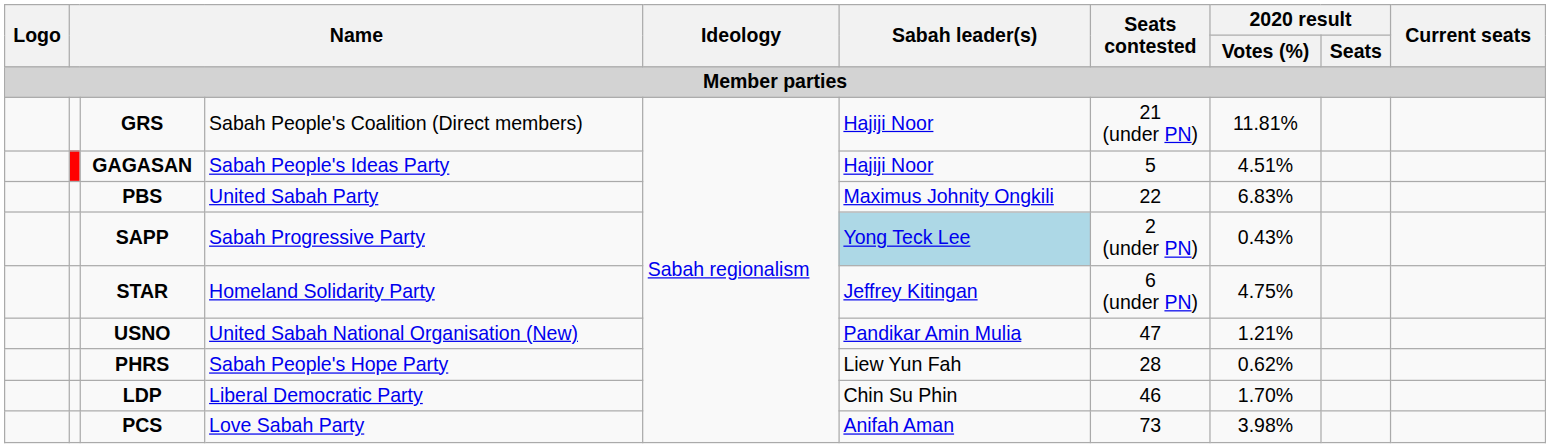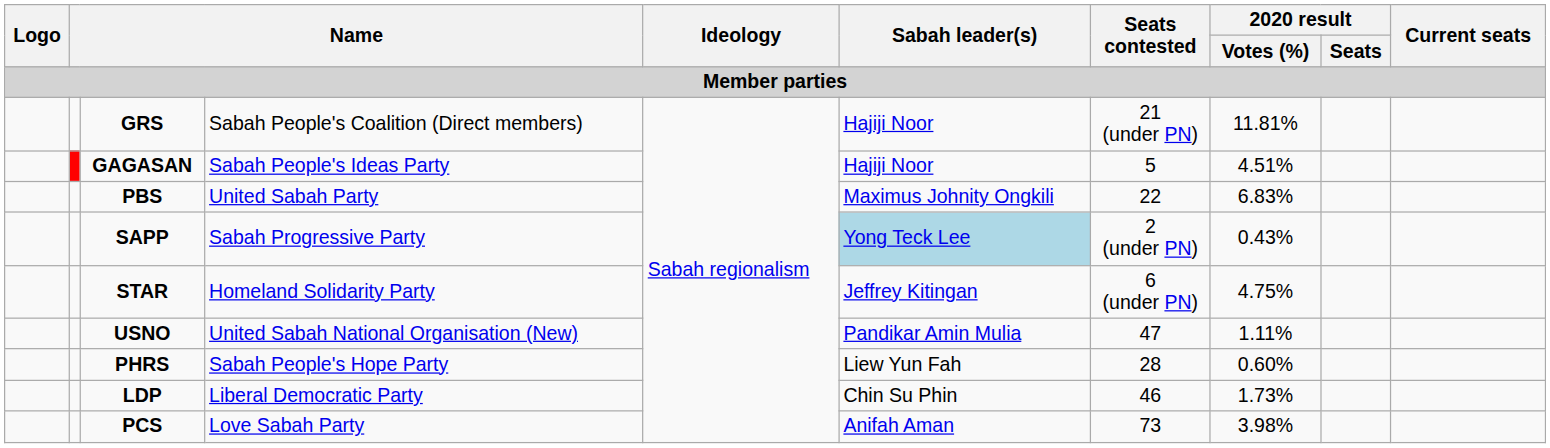 <table class="wikitable" style="width:100%;">
 <tr>
 <th rowspan="2">Logo</th>
 <th colspan="3" rowspan="2">Name</th>
 <th rowspan="2">Ideology</th>
 <th rowspan="2">Sabah leader(s)</th>
 <th rowspan="2">Seats<br>contested</th>
 <th colspan="2">2020 result</th>
 <th rowspan="2">Current seats</th>
 </tr>
 <tr>
 <th>Votes (%)</th>
 <th>Seats</th>
 </tr>
 <tr>
 <td colspan="10" style="text-align:center; background:lightgrey;"><strong>Member parties</strong></td>
 </tr>
 <tr>
 <td></td>
 <td style="background:"></td>
 <td style="text-align:center;"><strong>GRS</strong></td>
 <td>Sabah People's Coalition (Direct members)<br></td>
 <td rowspan="9"><a href='#'>Sabah regionalism</a></td>
 <td><a href='#'>Hajiji Noor</a></td>
 <td style="text-align:center;">21<br>(under <a href='#'>PN</a>)</td>
 <td style="text-align:center;">11.81%</td>
 <td></td>
 <td></td>
 </tr>
 <tr>
 <td></td>
 <td style="background:red;"></td>
 <td style="text-align:center;"><strong>GAGASAN</strong></td>
 <td><a href='#'>Sabah People's Ideas Party</a><br></td>
 <td><a href='#'>Hajiji Noor</a></td>
 <td style="text-align:center;">5</td>
 <td style="text-align:center;">4.51%</td>
 <td></td>
 <td></td>
 </tr>
 <tr>
 <td></td>
 <td style="background:"></td>
 <td style="text-align:center;"><strong>PBS</strong></td>
 <td><a href='#'>United Sabah Party</a><br></td>
 <td><a href='#'>Maximus Johnity Ongkili</a></td>
 <td style="text-align:center;">22</td>
 <td style="text-align:center;">6.83%</td>
 <td></td>
 <td></td>
 </tr>
 <tr>
 <td></td>
 <td style="background:"></td>
 <td style="text-align:center;"><strong>SAPP</strong></td>
 <td><a href='#'>Sabah Progressive Party</a><br></td>
 <td style="background: lightblue;"><a href='#'>Yong Teck Lee</a></td>
 <td style="text-align:center;">2<br>(under <a href='#'>PN</a>)</td>
 <td style="text-align:center;">0.43%</td>
 <td></td>
 <td></td>
 </tr>
 <tr>
 <td></td>
 <td style="background:"></td>
 <td style="text-align:center;"><strong>STAR</strong></td>
 <td><a href='#'>Homeland Solidarity Party</a><br></td>
 <td><a href='#'>Jeffrey Kitingan</a></td>
 <td style="text-align:center;">6<br>(under <a href='#'>PN</a>)</td>
 <td style="text-align:center;">4.75%</td>
 <td></td>
 <td></td>
 </tr>
 <tr>
 <td></td>
 <td style="background: "></td>
 <td style="text-align:center;"><strong>USNO</strong></td>
 <td><a href='#'>United Sabah National Organisation (New)</a><br></td>
 <td><a href='#'>Pandikar Amin Mulia</a></td>
 <td style="text-align:center;">47</td>
-<td style="text-align:center;">1.21%</td>
+<td style="text-align:center;">1.11%</td>
 <td></td>
 <td></td>
 </tr>
 <tr>
 <td></td>
 <td style="background: "></td>
 <td style="text-align:center;"><strong>PHRS</strong></td>
 <td><a href='#'>Sabah People's Hope Party</a><br></td>
 <td>Liew Yun Fah</td>
 <td style="text-align:center;">28</td>
-<td style="text-align:center;">0.62%</td>
+<td style="text-align:center;">0.60%</td>
 <td></td>
 <td></td>
 </tr>
 <tr>
 <td></td>
 <td style="background: "></td>
 <td style="text-align:center;"><strong>LDP</strong></td>
 <td><a href='#'>Liberal Democratic Party</a><br></td>
 <td>Chin Su Phin</td>
 <td style="text-align:center;">46</td>
-<td style="text-align:center;">1.70%</td>
+<td style="text-align:center;">1.73%</td>
 <td></td>
 <td></td>
 </tr>
 <tr>
 <td></td>
 <td style="background: "></td>
 <td style="text-align:center;"><strong>PCS</strong></td>
 <td><a href='#'>Love Sabah Party</a><br></td>
 <td><a href='#'>Anifah Aman</a></td>
 <td style="text-align:center;">73</td>
 <td style="text-align:center;">3.98%</td>
 <td></td>
 <td></td>
 </tr>
 </table>
